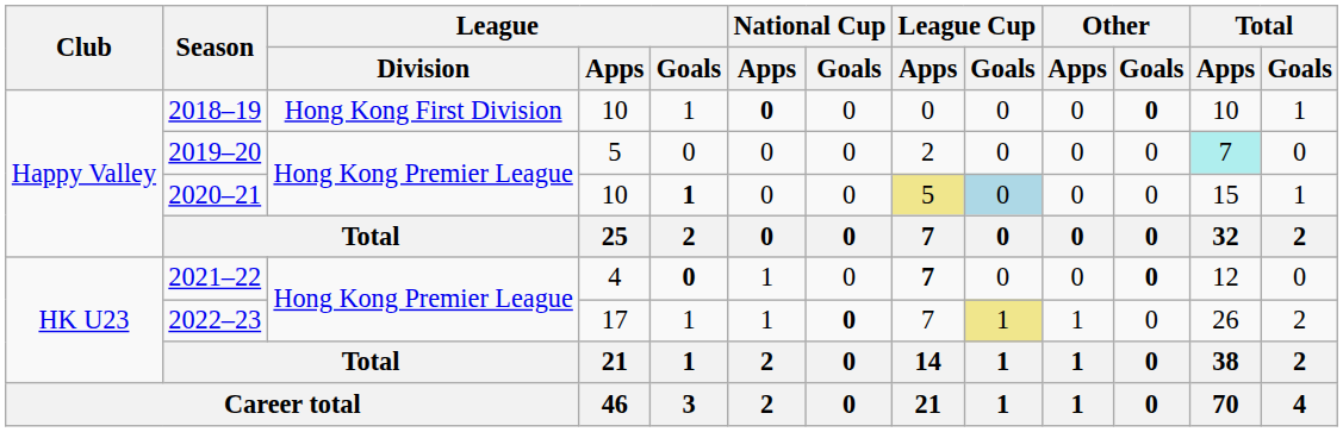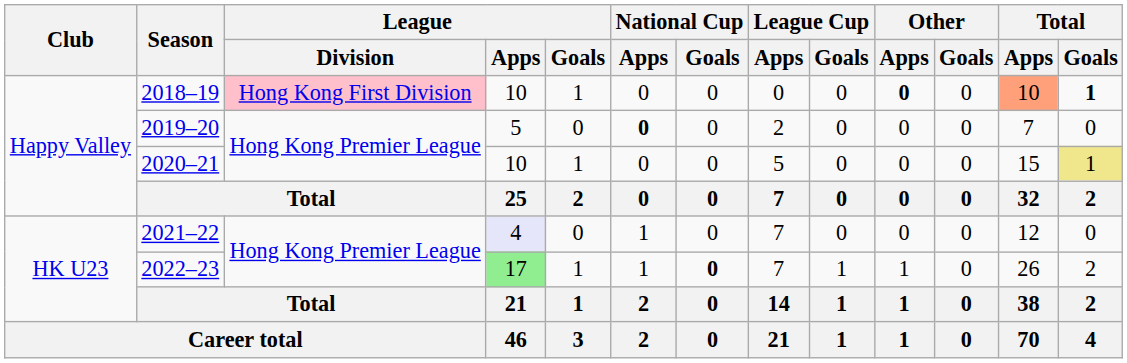 <table class="wikitable" style="text-align: center">
 <tr>
 <th rowspan="2">Club</th>
 <th rowspan="2">Season</th>
 <th colspan="3">League</th>
 <th colspan="2">National Cup</th>
 <th colspan="2">League Cup</th>
 <th colspan="2">Other</th>
 <th colspan="2">Total</th>
 </tr>
 <tr>
 <th>Division</th>
 <th>Apps</th>
 <th>Goals</th>
 <th>Apps</th>
 <th>Goals</th>
 <th>Apps</th>
 <th>Goals</th>
 <th>Apps</th>
 <th>Goals</th>
 <th>Apps</th>
 <th>Goals</th>
 </tr>
 <tr>
 <td rowspan="4"><a href='#'>Happy Valley</a></td>
 <td><a href='#'>2018–19</a></td>
-<td><a href='#'>Hong Kong First Division</a></td>
+<td style="background: pink;"><a href='#'>Hong Kong First Division</a></td>
 <td>10</td>
 <td>1</td>
-<td><strong>0</strong></td>
 <td>0</td>
 <td>0</td>
 <td>0</td>
 <td>0</td>
 <td><strong>0</strong></td>
-<td>10</td>
-<td>1</td>
+<td>0</td>
+<td style="background: lightsalmon;">10</td>
+<td><strong>1</strong></td>
 </tr>
 <tr>
 <td><a href='#'>2019–20</a></td>
 <td rowspan="2"><a href='#'>Hong Kong Premier League</a></td>
 <td>5</td>
 <td>0</td>
-<td>0</td>
+<td><strong>0</strong></td>
 <td>0</td>
 <td>2</td>
 <td>0</td>
 <td>0</td>
 <td>0</td>
-<td style="background: paleturquoise;">7</td>
+<td>7</td>
 <td>0</td>
 </tr>
 <tr>
 <td><a href='#'>2020–21</a></td>
 <td>10</td>
-<td><strong>1</strong></td>
+<td>1</td>
 <td>0</td>
 <td>0</td>
-<td style="background: khaki;">5</td>
-<td style="background: lightblue;">0</td>
+<td>5</td>
+<td>0</td>
 <td>0</td>
 <td>0</td>
 <td>15</td>
-<td>1</td>
+<td style="background: khaki;">1</td>
 </tr>
 <tr>
 <th colspan=2>Total</th>
 <th>25</th>
 <th>2</th>
 <th>0</th>
 <th>0</th>
 <th>7</th>
 <th>0</th>
 <th>0</th>
 <th>0</th>
 <th>32</th>
 <th>2</th>
 </tr>
 <tr>
 <td rowspan="3"><a href='#'>HK U23</a></td>
 <td><a href='#'>2021–22</a></td>
 <td rowspan="2"><a href='#'>Hong Kong Premier League</a></td>
-<td>4</td>
-<td><strong>0</strong></td>
+<td style="background: lavender;">4</td>
+<td>0</td>
 <td>1</td>
 <td>0</td>
-<td><strong>7</strong></td>
+<td>7</td>
 <td>0</td>
 <td>0</td>
-<td><strong>0</strong></td>
+<td>0</td>
 <td>12</td>
 <td>0</td>
 </tr>
 <tr>
 <td><a href='#'>2022–23</a></td>
-<td>17</td>
+<td style="background: lightgreen;">17</td>
 <td>1</td>
 <td>1</td>
 <td><strong>0</strong></td>
 <td>7</td>
-<td style="background: khaki;">1</td>
+<td>1</td>
 <td>1</td>
 <td>0</td>
 <td>26</td>
 <td>2</td>
 </tr>
 <tr>
 <th colspan=2>Total</th>
 <th>21</th>
 <th>1</th>
 <th>2</th>
 <th>0</th>
 <th>14</th>
 <th>1</th>
 <th>1</th>
 <th>0</th>
 <th>38</th>
 <th>2</th>
 </tr>
 <tr>
 <th colspan=3>Career total</th>
 <th>46</th>
 <th>3</th>
 <th>2</th>
 <th>0</th>
 <th>21</th>
 <th>1</th>
 <th>1</th>
 <th>0</th>
 <th>70</th>
 <th>4</th>
 </tr>
 </table>
